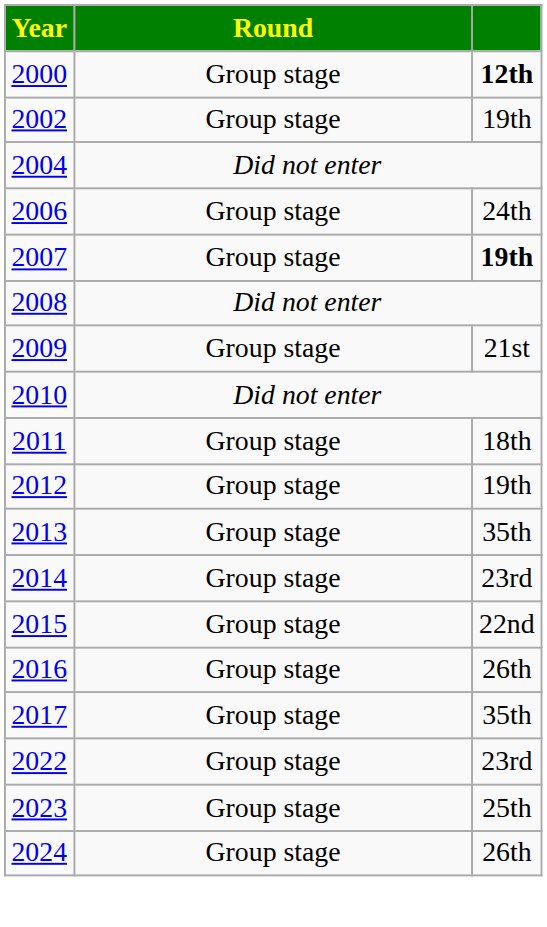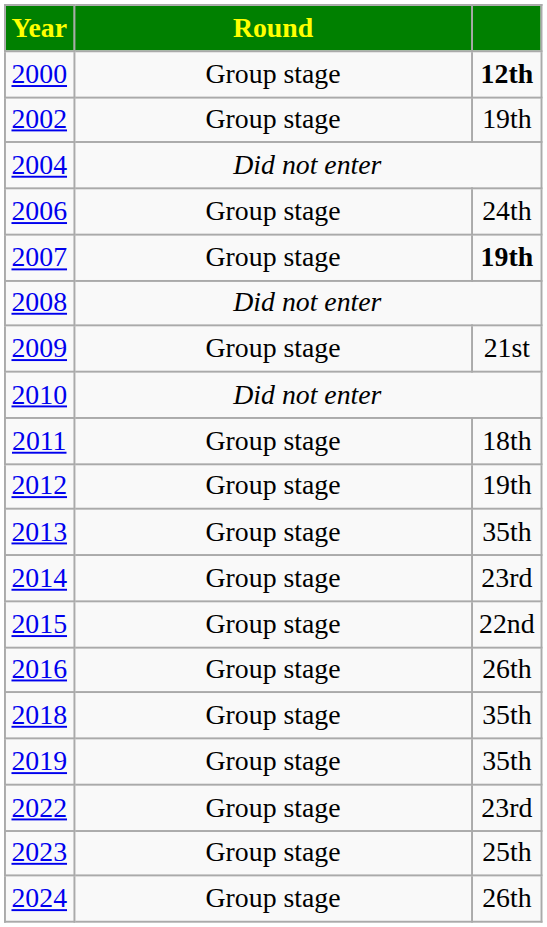 <table class="wikitable" style="text-align: center; font-size:90%">
 <tr style="color:yellow;">
 <th style="background:green;">Year</th>
 <th style="background:green; width:200px">Round</th>
 <th style="background:green;"></th>
 </tr>
 <tr>
 <td><a href='#'>2000</a></td>
 <td>Group stage</td>
 <td><strong>12th</strong></td>
 </tr>
 <tr>
 <td><a href='#'>2002</a></td>
 <td>Group stage</td>
 <td>19th</td>
 </tr>
 <tr>
 <td><a href='#'>2004</a></td>
 <td colspan="2"><em>Did not enter</em></td>
 </tr>
 <tr>
 <td><a href='#'>2006</a></td>
 <td>Group stage</td>
 <td>24th</td>
 </tr>
 <tr>
 <td><a href='#'>2007</a></td>
 <td>Group stage</td>
 <td><strong>19th</strong></td>
 </tr>
 <tr>
 <td><a href='#'>2008</a></td>
 <td colspan="2"><em>Did not enter</em></td>
 </tr>
 <tr>
 <td><a href='#'>2009</a></td>
 <td>Group stage</td>
 <td>21st</td>
 </tr>
 <tr>
 <td><a href='#'>2010</a></td>
 <td colspan="2"><em>Did not enter</em></td>
 </tr>
 <tr>
 <td><a href='#'>2011</a></td>
 <td>Group stage</td>
 <td>18th</td>
 </tr>
 <tr>
 <td><a href='#'>2012</a></td>
 <td>Group stage</td>
 <td>19th</td>
 </tr>
 <tr>
 <td><a href='#'>2013</a></td>
 <td>Group stage</td>
 <td>35th</td>
 </tr>
 <tr>
 <td><a href='#'>2014</a></td>
 <td>Group stage</td>
 <td>23rd</td>
 </tr>
 <tr>
 <td><a href='#'>2015</a></td>
 <td>Group stage</td>
 <td>22nd</td>
 </tr>
 <tr>
 <td><a href='#'>2016</a></td>
 <td>Group stage</td>
 <td>26th</td>
 </tr>
 <tr>
-<td><a href='#'>2017</a></td>
+<td><a href='#'>2018</a></td>
+<td>Group stage</td>
+<td>35th</td>
+</tr>
+<tr>
+<td><a href='#'>2019</a></td>
 <td>Group stage</td>
 <td>35th</td>
 </tr>
 <tr>
 <td><a href='#'>2022</a></td>
 <td>Group stage</td>
 <td>23rd</td>
 </tr>
 <tr>
 <td><a href='#'>2023</a></td>
 <td>Group stage</td>
 <td>25th</td>
 </tr>
 <tr>
 <td><a href='#'>2024</a></td>
 <td>Group stage</td>
 <td>26th</td>
 </tr>
 </table>
